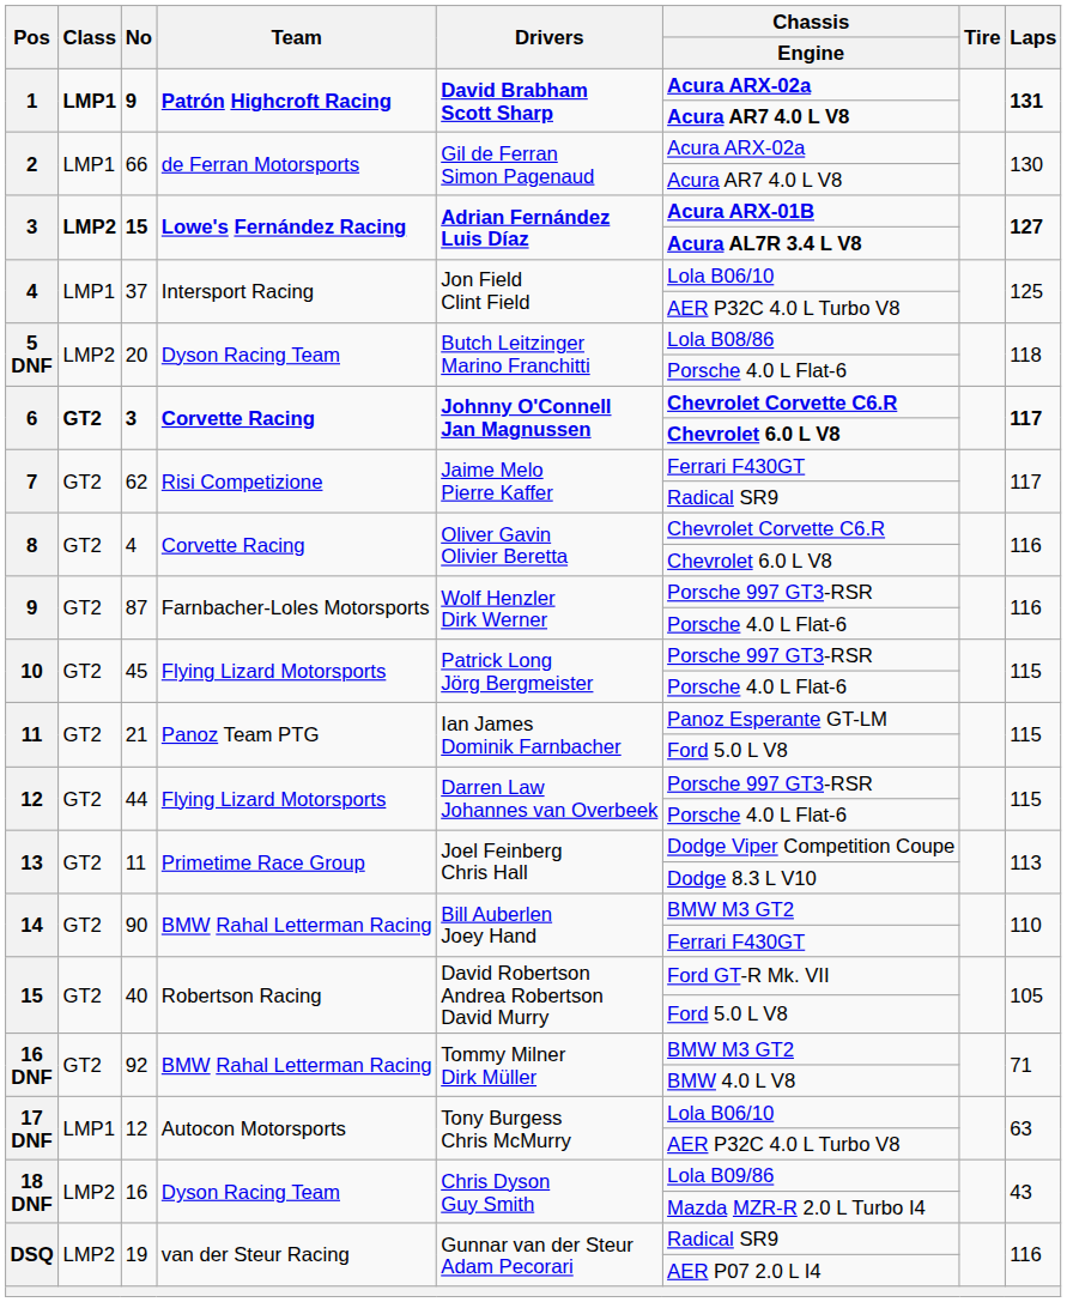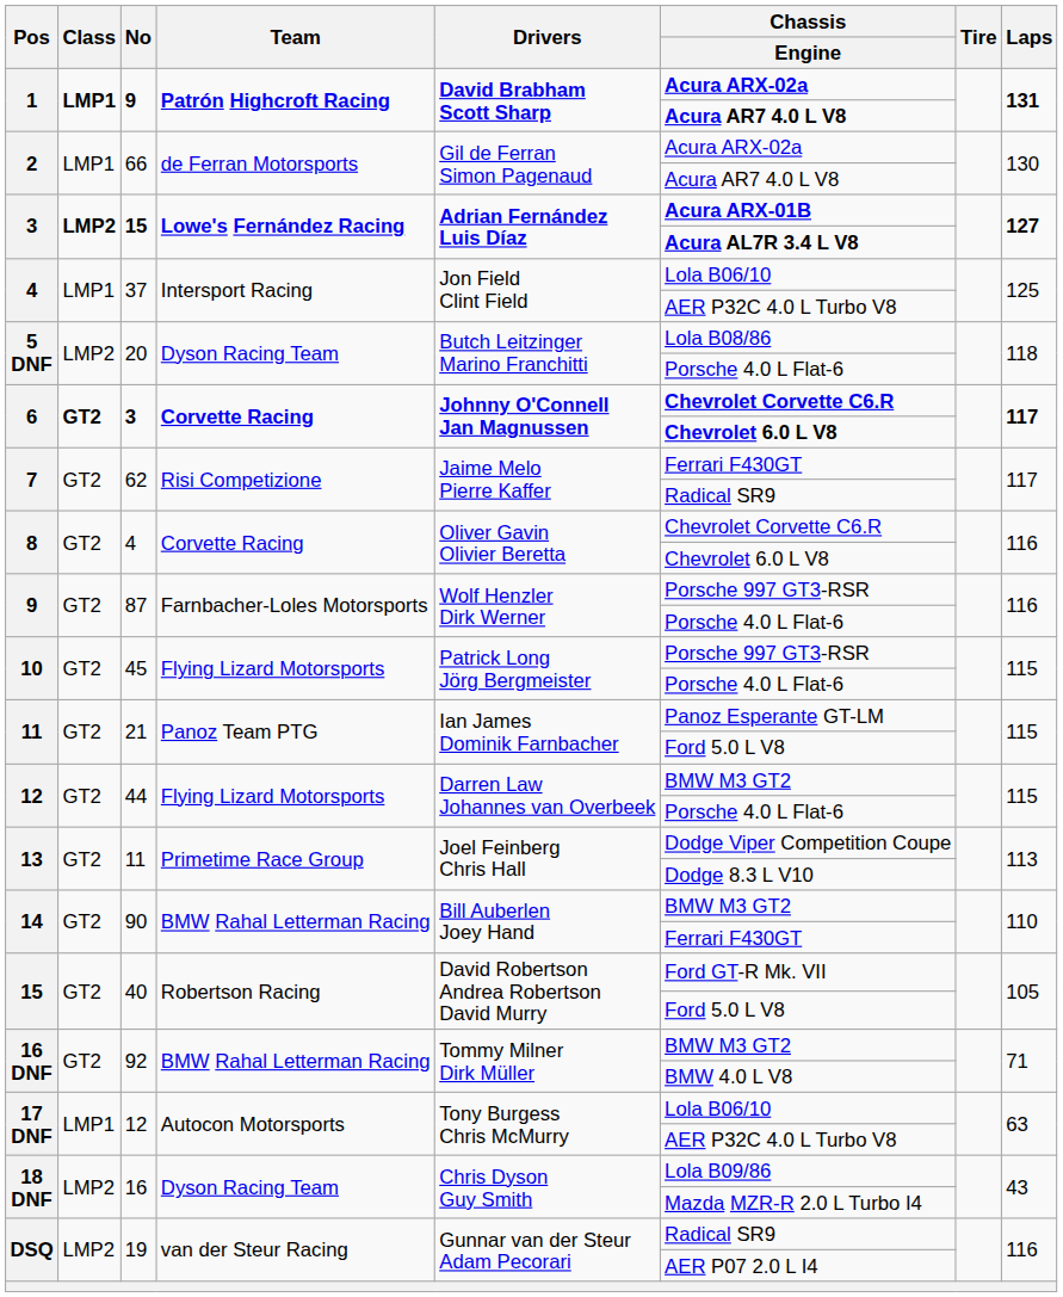 <table class="wikitable" style="font-size: 95%;">
 <tr>
 <th rowspan=2>Pos</th>
 <th rowspan=2>Class</th>
 <th rowspan=2>No</th>
 <th rowspan=2>Team</th>
 <th rowspan=2>Drivers</th>
 <th>Chassis</th>
 <th rowspan=2>Tire</th>
 <th rowspan=2>Laps</th>
 </tr>
 <tr>
 <th>Engine</th>
 </tr>
 <tr style="font-weight:bold">
 <th rowspan=2>1</th>
 <td rowspan=2>LMP1</td>
 <td rowspan=2>9</td>
 <td rowspan=2> <a href='#'>Patrón</a> <a href='#'>Highcroft Racing</a></td>
 <td rowspan=2> <a href='#'>David Brabham</a><br> <a href='#'>Scott Sharp</a></td>
 <td><a href='#'>Acura ARX-02a</a></td>
 <td rowspan=2></td>
 <td rowspan=2>131</td>
 </tr>
 <tr style="font-weight:bold">
 <td><a href='#'>Acura</a> AR7 4.0 L V8</td>
 </tr>
 <tr>
 <th rowspan=2>2</th>
 <td rowspan=2>LMP1</td>
 <td rowspan=2>66</td>
 <td rowspan=2> <a href='#'>de Ferran Motorsports</a></td>
 <td rowspan=2> <a href='#'>Gil de Ferran</a><br> <a href='#'>Simon Pagenaud</a></td>
 <td><a href='#'>Acura ARX-02a</a></td>
 <td rowspan=2></td>
 <td rowspan=2>130</td>
 </tr>
 <tr>
 <td><a href='#'>Acura</a> AR7 4.0 L V8</td>
 </tr>
 <tr style="font-weight:bold">
 <th rowspan=2>3</th>
 <td rowspan=2>LMP2</td>
 <td rowspan=2>15</td>
 <td rowspan=2> <a href='#'>Lowe's</a> <a href='#'>Fernández Racing</a></td>
 <td rowspan=2> <a href='#'>Adrian Fernández</a><br> <a href='#'>Luis Díaz</a></td>
 <td><a href='#'>Acura ARX-01B</a></td>
 <td rowspan=2></td>
 <td rowspan=2>127</td>
 </tr>
 <tr style="font-weight:bold">
 <td><a href='#'>Acura</a> AL7R 3.4 L V8</td>
 </tr>
 <tr>
 <th rowspan=2>4</th>
 <td rowspan=2>LMP1</td>
 <td rowspan=2>37</td>
 <td rowspan=2> Intersport Racing</td>
 <td rowspan=2> Jon Field<br> Clint Field</td>
 <td><a href='#'>Lola B06/10</a></td>
 <td rowspan=2></td>
 <td rowspan=2>125</td>
 </tr>
 <tr>
 <td><a href='#'>AER</a> P32C 4.0 L Turbo V8</td>
 </tr>
 <tr>
 <th rowspan=2>5<br>DNF</th>
 <td rowspan=2>LMP2</td>
 <td rowspan=2>20</td>
 <td rowspan=2> <a href='#'>Dyson Racing Team</a></td>
 <td rowspan=2> <a href='#'>Butch Leitzinger</a><br> <a href='#'>Marino Franchitti</a></td>
 <td><a href='#'>Lola B08/86</a></td>
 <td rowspan=2></td>
 <td rowspan=2>118</td>
 </tr>
 <tr>
 <td><a href='#'>Porsche</a> 4.0 L Flat-6</td>
 </tr>
 <tr style="font-weight:bold">
 <th rowspan=2>6</th>
 <td rowspan=2>GT2</td>
 <td rowspan=2>3</td>
 <td rowspan=2> <a href='#'>Corvette Racing</a></td>
 <td rowspan=2> <a href='#'>Johnny O'Connell</a><br> <a href='#'>Jan Magnussen</a></td>
 <td><a href='#'>Chevrolet Corvette C6.R</a></td>
 <td rowspan=2></td>
 <td rowspan=2>117</td>
 </tr>
 <tr style="font-weight:bold">
 <td><a href='#'>Chevrolet</a> 6.0 L V8</td>
 </tr>
 <tr>
 <th rowspan=2>7</th>
 <td rowspan=2>GT2</td>
 <td rowspan=2>62</td>
 <td rowspan=2> <a href='#'>Risi Competizione</a></td>
 <td rowspan=2> <a href='#'>Jaime Melo</a><br> <a href='#'>Pierre Kaffer</a></td>
 <td><a href='#'>Ferrari F430GT</a></td>
 <td rowspan=2></td>
 <td rowspan=2>117</td>
 </tr>
 <tr>
 <td><a href='#'>Radical</a> SR9</td>
 </tr>
 <tr>
 <th rowspan=2>8</th>
 <td rowspan=2>GT2</td>
 <td rowspan=2>4</td>
 <td rowspan=2> <a href='#'>Corvette Racing</a></td>
 <td rowspan=2> <a href='#'>Oliver Gavin</a><br> <a href='#'>Olivier Beretta</a></td>
 <td><a href='#'>Chevrolet Corvette C6.R</a></td>
 <td rowspan=2></td>
 <td rowspan=2>116</td>
 </tr>
 <tr>
 <td><a href='#'>Chevrolet</a> 6.0 L V8</td>
 </tr>
 <tr>
 <th rowspan=2>9</th>
 <td rowspan=2>GT2</td>
 <td rowspan=2>87</td>
 <td rowspan=2> Farnbacher-Loles Motorsports</td>
 <td rowspan=2> <a href='#'>Wolf Henzler</a><br> <a href='#'>Dirk Werner</a></td>
 <td><a href='#'>Porsche 997 GT3</a>-RSR</td>
 <td rowspan=2></td>
 <td rowspan=2>116</td>
 </tr>
 <tr>
 <td><a href='#'>Porsche</a> 4.0 L Flat-6</td>
 </tr>
 <tr>
 <th rowspan=2>10</th>
 <td rowspan=2>GT2</td>
 <td rowspan=2>45</td>
 <td rowspan=2> <a href='#'>Flying Lizard Motorsports</a></td>
 <td rowspan=2> <a href='#'>Patrick Long</a><br> <a href='#'>Jörg Bergmeister</a></td>
 <td><a href='#'>Porsche 997 GT3</a>-RSR</td>
 <td rowspan=2></td>
 <td rowspan=2>115</td>
 </tr>
 <tr>
 <td><a href='#'>Porsche</a> 4.0 L Flat-6</td>
 </tr>
 <tr>
 <th rowspan=2>11</th>
 <td rowspan=2>GT2</td>
 <td rowspan=2>21</td>
 <td rowspan=2> <a href='#'>Panoz</a> Team PTG</td>
 <td rowspan=2> Ian James<br> <a href='#'>Dominik Farnbacher</a></td>
 <td><a href='#'>Panoz Esperante</a> GT-LM</td>
 <td rowspan=2></td>
 <td rowspan=2>115</td>
 </tr>
 <tr>
 <td><a href='#'>Ford</a> 5.0 L V8</td>
 </tr>
 <tr>
 <th rowspan=2>12</th>
 <td rowspan=2>GT2</td>
 <td rowspan=2>44</td>
 <td rowspan=2> <a href='#'>Flying Lizard Motorsports</a></td>
 <td rowspan=2> <a href='#'>Darren Law</a><br> <a href='#'>Johannes van Overbeek</a></td>
-<td><a href='#'>Porsche 997 GT3</a>-RSR</td>
+<td><a href='#'>BMW M3 GT2</a></td>
 <td rowspan=2></td>
 <td rowspan=2>115</td>
 </tr>
 <tr>
 <td><a href='#'>Porsche</a> 4.0 L Flat-6</td>
 </tr>
 <tr>
 <th rowspan=2>13</th>
 <td rowspan=2>GT2</td>
 <td rowspan=2>11</td>
 <td rowspan=2> <a href='#'>Primetime Race Group</a></td>
 <td rowspan=2> Joel Feinberg<br> Chris Hall</td>
 <td><a href='#'>Dodge Viper</a> Competition Coupe</td>
 <td rowspan=2></td>
 <td rowspan=2>113</td>
 </tr>
 <tr>
 <td><a href='#'>Dodge</a> 8.3 L V10</td>
 </tr>
 <tr>
 <th rowspan=2>14</th>
 <td rowspan=2>GT2</td>
 <td rowspan=2>90</td>
 <td rowspan=2> <a href='#'>BMW</a> <a href='#'>Rahal Letterman Racing</a></td>
 <td rowspan=2> <a href='#'>Bill Auberlen</a><br> Joey Hand</td>
 <td><a href='#'>BMW M3 GT2</a></td>
 <td rowspan=2></td>
 <td rowspan=2>110</td>
 </tr>
 <tr>
 <td><a href='#'>Ferrari F430GT</a></td>
 </tr>
 <tr>
 <th rowspan=2>15</th>
 <td rowspan=2>GT2</td>
 <td rowspan=2>40</td>
 <td rowspan=2> Robertson Racing</td>
 <td rowspan=2> David Robertson<br> Andrea Robertson<br> David Murry</td>
 <td><a href='#'>Ford GT</a>-R Mk. VII</td>
 <td rowspan=2></td>
 <td rowspan=2>105</td>
 </tr>
 <tr>
 <td><a href='#'>Ford</a> 5.0 L V8</td>
 </tr>
 <tr>
 <th rowspan=2>16<br>DNF</th>
 <td rowspan=2>GT2</td>
 <td rowspan=2>92</td>
 <td rowspan=2> <a href='#'>BMW</a> <a href='#'>Rahal Letterman Racing</a></td>
 <td rowspan=2> Tommy Milner<br> <a href='#'>Dirk Müller</a></td>
 <td><a href='#'>BMW M3 GT2</a></td>
 <td rowspan=2></td>
 <td rowspan=2>71</td>
 </tr>
 <tr>
 <td><a href='#'>BMW</a> 4.0 L V8</td>
 </tr>
 <tr>
 <th rowspan=2>17<br>DNF</th>
 <td rowspan=2>LMP1</td>
 <td rowspan=2>12</td>
 <td rowspan=2> Autocon Motorsports</td>
 <td rowspan=2> Tony Burgess<br> Chris McMurry</td>
 <td><a href='#'>Lola B06/10</a></td>
 <td rowspan=2></td>
 <td rowspan=2>63</td>
 </tr>
 <tr>
 <td><a href='#'>AER</a> P32C 4.0 L Turbo V8</td>
 </tr>
 <tr>
 <th rowspan=2>18<br>DNF</th>
 <td rowspan=2>LMP2</td>
 <td rowspan=2>16</td>
 <td rowspan=2> <a href='#'>Dyson Racing Team</a></td>
 <td rowspan=2> <a href='#'>Chris Dyson</a><br> <a href='#'>Guy Smith</a></td>
 <td><a href='#'>Lola B09/86</a></td>
 <td rowspan=2></td>
 <td rowspan=2>43</td>
 </tr>
 <tr>
 <td><a href='#'>Mazda</a> <a href='#'>MZR-R</a> 2.0 L Turbo I4</td>
 </tr>
 <tr>
 <th rowspan=2>DSQ</th>
 <td rowspan=2>LMP2</td>
 <td rowspan=2>19</td>
 <td rowspan=2> van der Steur Racing</td>
 <td rowspan=2> Gunnar van der Steur<br> <a href='#'>Adam Pecorari</a></td>
 <td><a href='#'>Radical</a> SR9</td>
 <td rowspan=2></td>
 <td rowspan=2>116</td>
 </tr>
 <tr>
 <td><a href='#'>AER</a> P07 2.0 L I4</td>
 </tr>
 <tr>
 <th colspan=8></th>
 </tr>
 </table>
